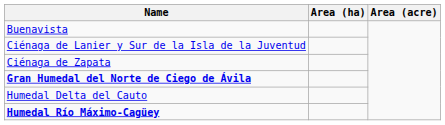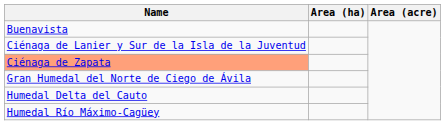 <table class="wikitable sortable">
 <tr>
 <th scope="col" align=left>Name</th>
 <th scope="col">Area (ha)</th>
 <th scope="col">Area (acre)</th>
 </tr>
 <tr ---->
 <td><a href='#'>Buenavista</a></td>
 <td></td>
 </tr>
 <tr ---->
 <td><a href='#'>Ciénaga de Lanier y Sur de la Isla de la Juventud</a></td>
 <td></td>
 </tr>
 <tr ---->
-<td><a href='#'>Ciénaga de Zapata</a></td>
+<td style="background: lightsalmon;"><a href='#'>Ciénaga de Zapata</a></td>
 <td></td>
 </tr>
 <tr ---->
-<td><strong><a href='#'>Gran Humedal del Norte de Ciego de Ávila</a></strong></td>
+<td><a href='#'>Gran Humedal del Norte de Ciego de Ávila</a></td>
 <td></td>
 </tr>
 <tr ---->
 <td><a href='#'>Humedal Delta del Cauto</a></td>
 <td></td>
 </tr>
 <tr ---->
-<td><strong><a href='#'>Humedal Río Máximo-Cagüey</a></strong></td>
+<td><a href='#'>Humedal Río Máximo-Cagüey</a></td>
 <td></td>
 </tr>
 </table>
